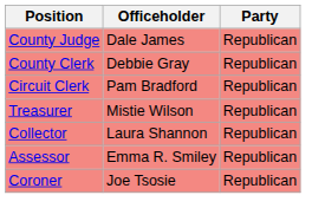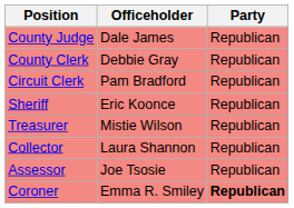 <table class="wikitable mw-collapsible">
 <tr>
 <th>Position</th>
 <th>Officeholder</th>
 <th>Party</th>
 </tr>
 <tr style="background-color: #F48882;">
 <td><a href='#'>County Judge</a></td>
 <td>Dale James</td>
 <td>Republican</td>
 </tr>
 <tr style="background-color: #F48882;">
 <td><a href='#'>County Clerk</a></td>
 <td>Debbie Gray</td>
 <td>Republican</td>
 </tr>
 <tr style="background-color: #F48882;">
 <td><a href='#'>Circuit Clerk</a></td>
 <td>Pam Bradford</td>
 <td>Republican</td>
 </tr>
 <tr style="background-color: #F48882;">
+<td><a href='#'>Sheriff</a></td>
+<td>Eric Koonce</td>
+<td>Republican</td>
+</tr>
+<tr style="background-color: #F48882;">
 <td><a href='#'>Treasurer</a></td>
 <td>Mistie Wilson</td>
 <td>Republican</td>
 </tr>
 <tr style="background-color: #F48882;">
 <td><a href='#'>Collector</a></td>
 <td>Laura Shannon</td>
 <td>Republican</td>
 </tr>
 <tr style="background-color: #F48882;">
 <td><a href='#'>Assessor</a></td>
-<td>Emma R. Smiley</td>
+<td>Joe Tsosie</td>
 <td>Republican</td>
 </tr>
 <tr style="background-color: #F48882;">
 <td><a href='#'>Coroner</a></td>
-<td>Joe Tsosie</td>
-<td>Republican</td>
+<td>Emma R. Smiley</td>
+<td><strong>Republican</strong></td>
 </tr>
 </table>
